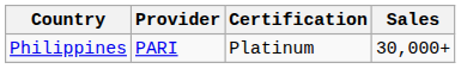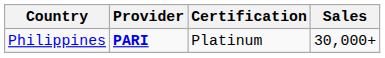 <table class="wikitable">
 <tr>
 <th>Country</th>
 <th>Provider</th>
 <th>Certification</th>
 <th>Sales</th>
 </tr>
 <tr>
 <td><a href='#'>Philippines</a></td>
-<td><a href='#'>PARI</a></td>
+<td><strong><a href='#'>PARI</a></strong></td>
 <td>Platinum</td>
 <td>30,000+</td>
 </tr>
 <tr>
 </tr>
 </table>
